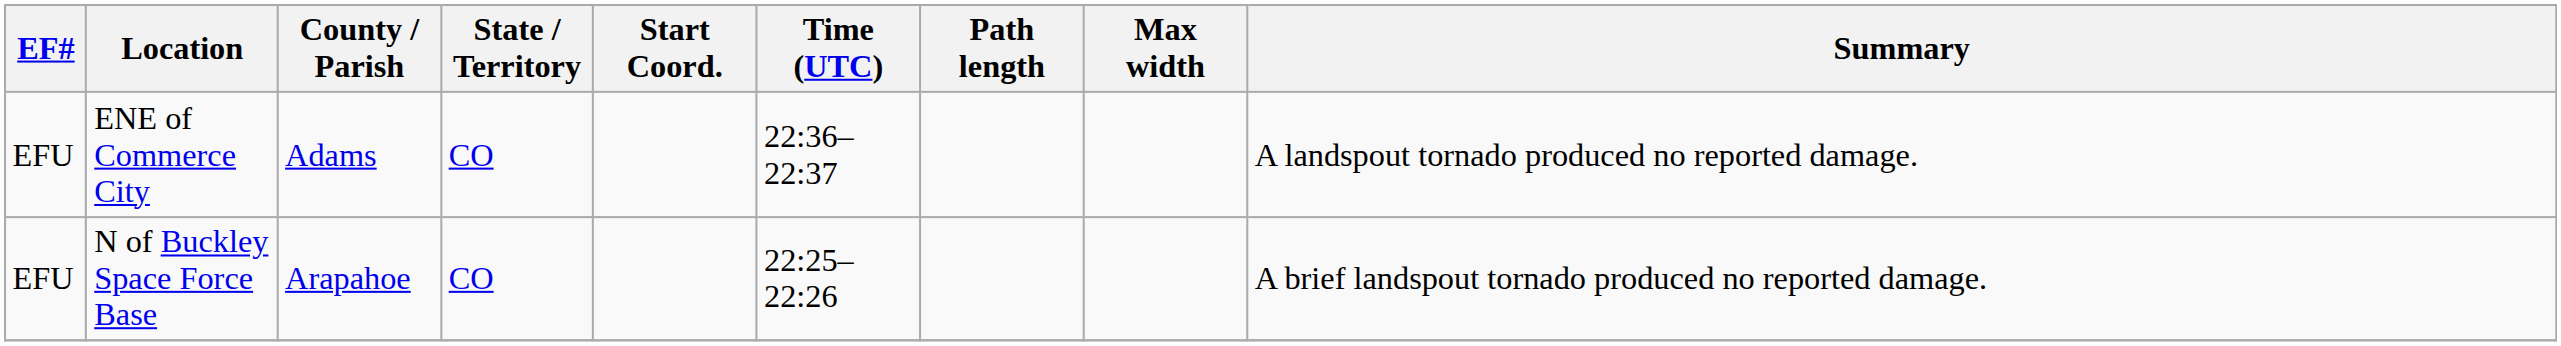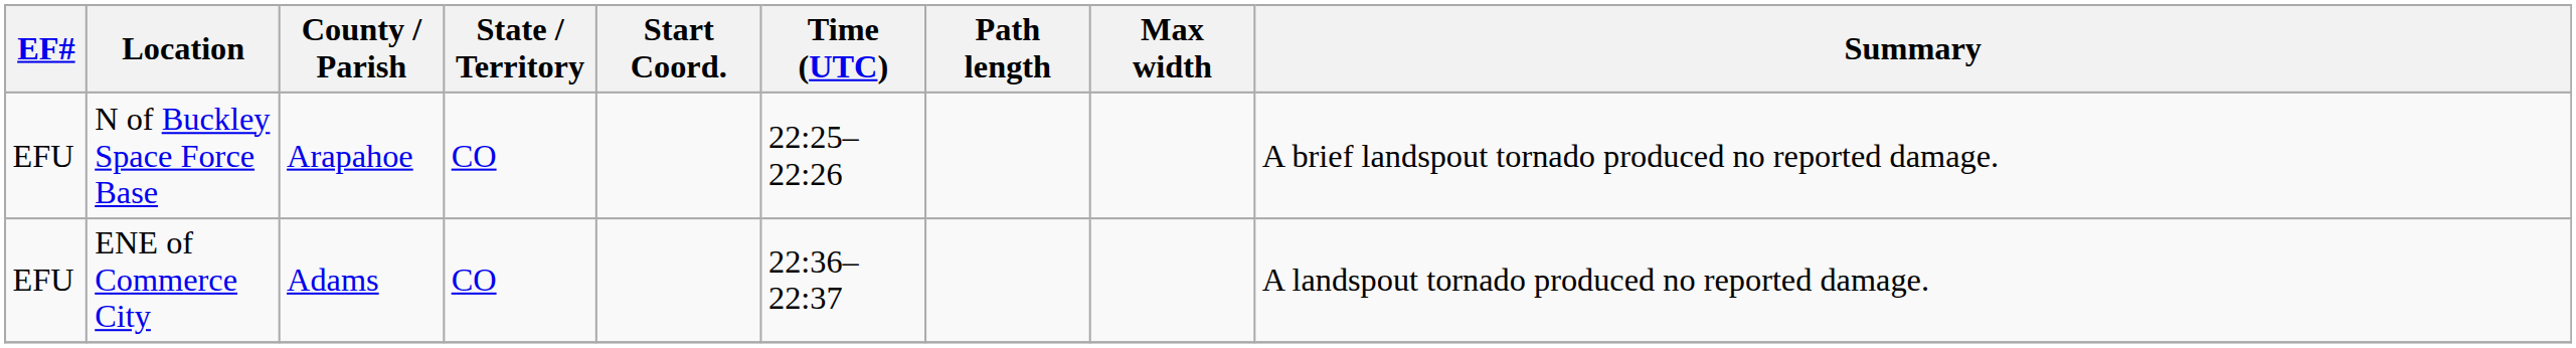 <table class="wikitable sortable" style="width:100%;">
 <tr>
 <th scope="col"  style="width:3%; text-align:center;"><a href='#'>EF#</a></th>
 <th scope="col"  style="width:7%; text-align:center;" class="unsortable">Location</th>
 <th scope="col"  style="width:6%; text-align:center;" class="unsortable">County / Parish</th>
 <th scope="col"  style="width:5%; text-align:center;">State / Territory</th>
 <th scope="col"  style="width:6%; text-align:center;">Start Coord.</th>
 <th scope="col"  style="width:6%; text-align:center;">Time (<a href='#'>UTC</a>)</th>
 <th scope="col"  style="width:6%; text-align:center;">Path length</th>
 <th scope="col"  style="width:6%; text-align:center;">Max width</th>
 <th scope="col" class="unsortable" style="width:48%; text-align:center;">Summary</th>
 </tr>
 <tr>
 <td>EFU</td>
+<td>N of <a href='#'>Buckley Space Force Base</a></td>
+<td><a href='#'>Arapahoe</a></td>
+<td><a href='#'>CO</a></td>
+<td></td>
+<td>22:25–22:26</td>
+<td></td>
+<td></td>
+<td>A brief landspout tornado produced no reported damage.</td>
+</tr>
+<tr>
+<td>EFU</td>
 <td>ENE of <a href='#'>Commerce City</a></td>
 <td><a href='#'>Adams</a></td>
 <td><a href='#'>CO</a></td>
 <td></td>
 <td>22:36–22:37</td>
 <td></td>
 <td></td>
 <td>A landspout tornado produced no reported damage.</td>
 </tr>
 <tr>
-<td>EFU</td>
-<td>N of <a href='#'>Buckley Space Force Base</a></td>
-<td><a href='#'>Arapahoe</a></td>
-<td><a href='#'>CO</a></td>
-<td></td>
-<td>22:25–22:26</td>
-<td></td>
-<td></td>
-<td>A brief landspout tornado produced no reported damage.</td>
-</tr>
-<tr>
 </tr>
 </table>
